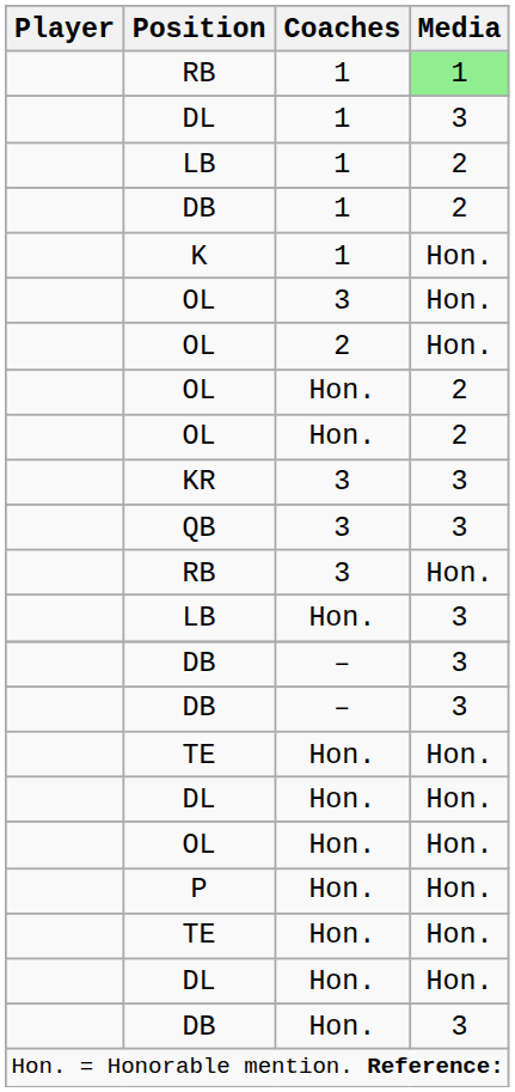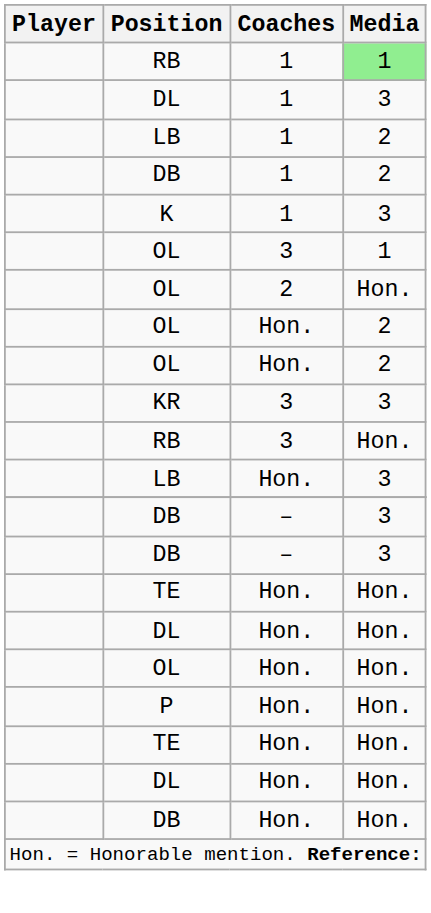 <table class="wikitable sortable sortable" style="text-align: center">
 <tr align=center>
 <th>Player</th>
 <th>Position</th>
 <th>Coaches</th>
 <th>Media</th>
 </tr>
 <tr>
 <td></td>
 <td>RB</td>
 <td>1</td>
 <td style="background: lightgreen;">1</td>
 </tr>
 <tr>
 <td></td>
 <td>DL</td>
 <td>1</td>
 <td>3</td>
 </tr>
 <tr>
 <td></td>
 <td>LB</td>
 <td>1</td>
 <td>2</td>
 </tr>
 <tr>
 <td></td>
 <td>DB</td>
 <td>1</td>
 <td>2</td>
 </tr>
 <tr>
 <td></td>
 <td>K</td>
 <td>1</td>
-<td data-sort-value="4">Hon.</td>
+<td>3</td>
 </tr>
 <tr>
 <td></td>
 <td>OL</td>
 <td>3</td>
-<td data-sort-value="4">Hon.</td>
+<td>1</td>
 </tr>
 <tr>
 <td></td>
 <td>OL</td>
 <td>2</td>
 <td data-sort-value="4">Hon.</td>
 </tr>
 <tr>
 <td></td>
 <td>OL</td>
 <td data-sort-value="4">Hon.</td>
 <td>2</td>
 </tr>
 <tr>
 <td></td>
 <td>OL</td>
 <td data-sort-value="4">Hon.</td>
 <td>2</td>
 </tr>
 <tr>
 <td></td>
 <td>KR</td>
-<td>3</td>
-<td>3</td>
-</tr>
-<tr>
-<td></td>
-<td>QB</td>
 <td>3</td>
 <td>3</td>
 </tr>
 <tr>
 <td></td>
 <td>RB</td>
 <td>3</td>
 <td data-sort-value="4">Hon.</td>
 </tr>
 <tr>
 <td></td>
 <td>LB</td>
 <td data-sort-value="4">Hon.</td>
 <td>3</td>
 </tr>
 <tr>
 </tr>
 <tr>
 <td></td>
 <td>DB</td>
 <td>–</td>
 <td>3</td>
 </tr>
 <tr>
 <td></td>
 <td>DB</td>
 <td>–</td>
 <td>3</td>
 </tr>
 <tr>
 <td></td>
 <td>TE</td>
 <td data-sort-value="4">Hon.</td>
 <td data-sort-value="4">Hon.</td>
 </tr>
 <tr>
 <td></td>
 <td>DL</td>
 <td data-sort-value="4">Hon.</td>
 <td data-sort-value="4">Hon.</td>
 </tr>
 <tr>
 <td></td>
 <td>OL</td>
 <td data-sort-value="4">Hon.</td>
 <td data-sort-value="4">Hon.</td>
 </tr>
 <tr>
 <td></td>
 <td>P</td>
 <td data-sort-value="4">Hon.</td>
 <td data-sort-value="4">Hon.</td>
 </tr>
 <tr>
 <td></td>
 <td>TE</td>
 <td data-sort-value="4">Hon.</td>
 <td data-sort-value="4">Hon.</td>
 </tr>
 <tr>
 <td></td>
 <td>DL</td>
 <td data-sort-value="4">Hon.</td>
 <td data-sort-value="4">Hon.</td>
 </tr>
 <tr>
 <td></td>
 <td>DB</td>
 <td data-sort-value="4">Hon.</td>
-<td>3</td>
+<td data-sort-value="4">Hon.</td>
 </tr>
 <tr class="sortbottom">
 <td colspan="4"  style="font-size:8pt; text-align:center;">Hon. = Honorable mention. <strong>Reference:</strong></td>
 </tr>
 </table>
